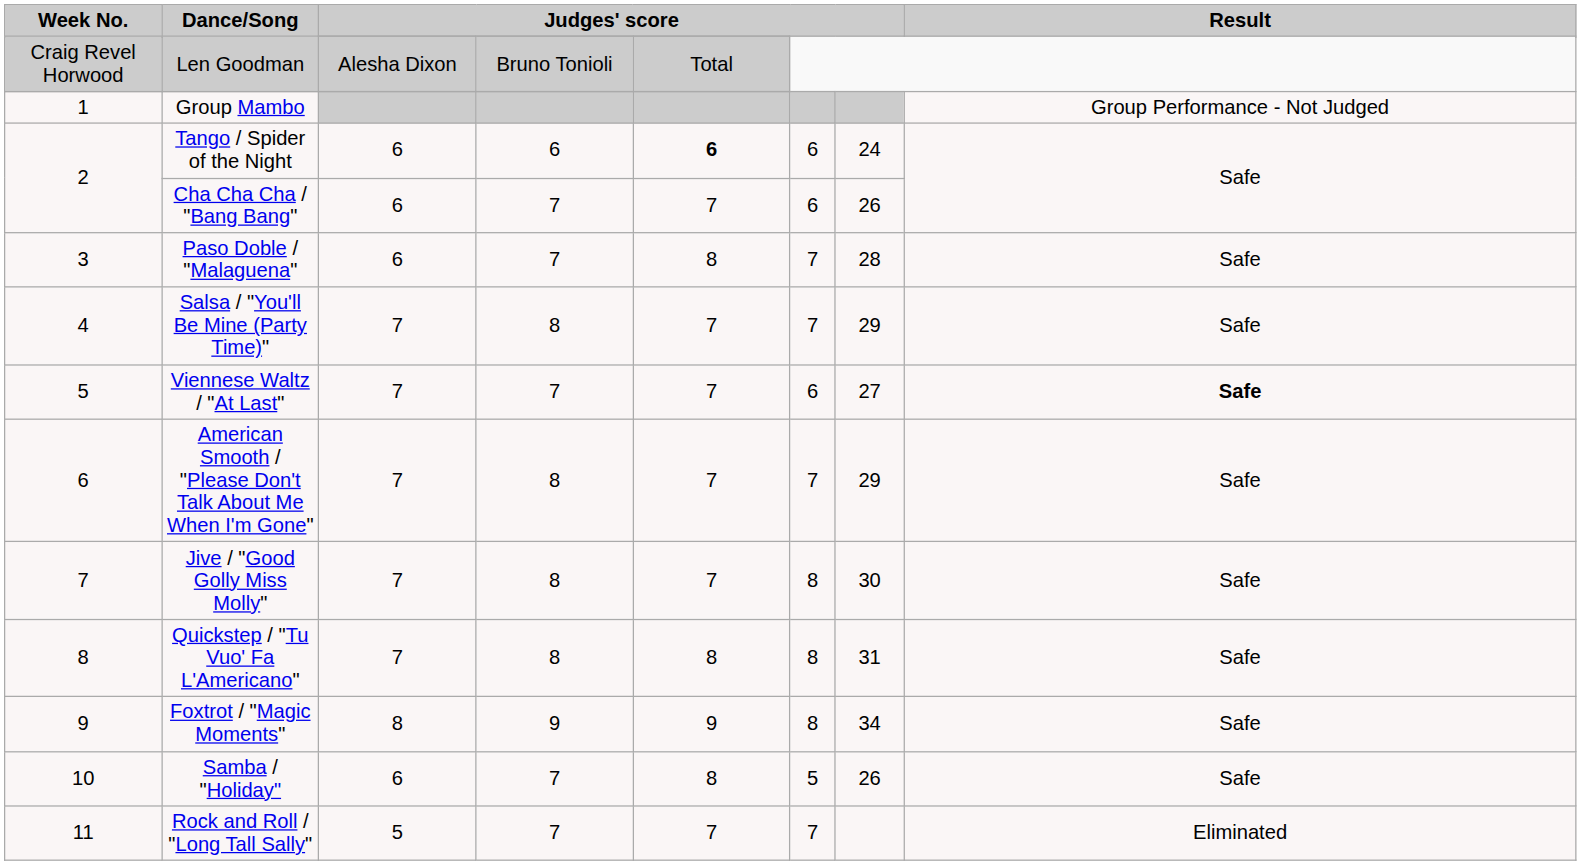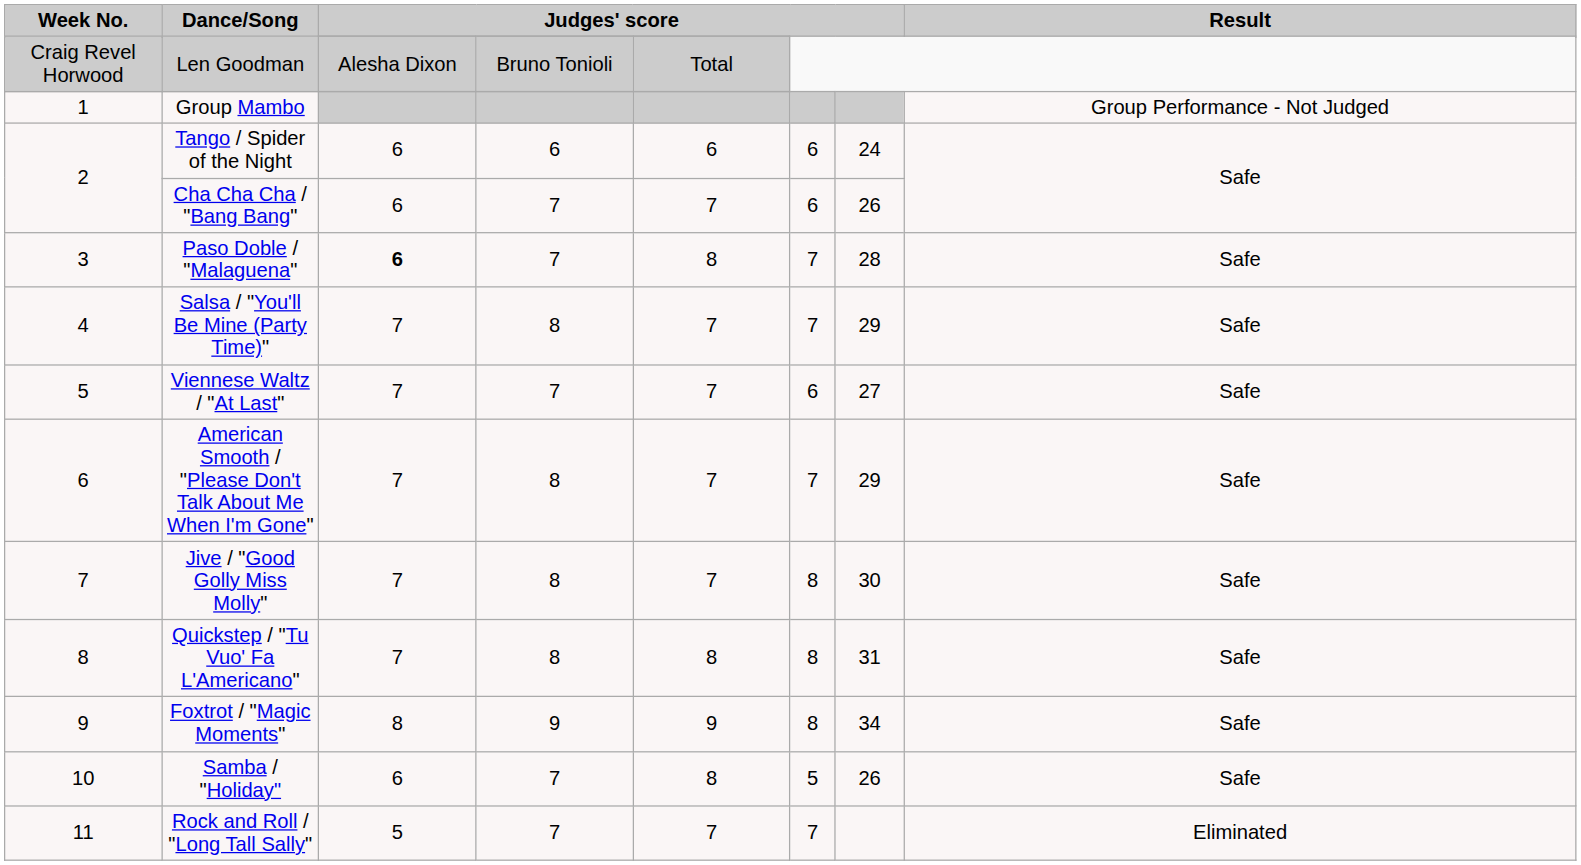 <table class="wikitable">
 <tr>
 <td rowspan="2" bgcolor="CCCCCC" align="Center"><strong>Week No.</strong></td>
 <td rowspan="2" bgcolor="CCCCCC" align="Center"><strong>Dance/Song</strong></td>
 <td colspan="5" bgcolor="CCCCCC" align="Center"><strong>Judges' score</strong></td>
 <td rowspan="2" bgcolor="CCCCCC" align="Center"><strong>Result</strong></td>
 </tr>
 <tr>
 </tr>
 <tr>
 <td bgcolor="CCCCCC" width="10%" align="center">Craig Revel Horwood</td>
 <td bgcolor="CCCCCC" width="10%" align="center">Len Goodman</td>
 <td bgcolor="CCCCCC" width="10%" align="center">Alesha Dixon</td>
 <td bgcolor="CCCCCC" width="10%" align="center">Bruno Tonioli</td>
 <td bgcolor="CCCCCC" width="10%" align="center">Total</td>
 </tr>
 <tr>
 </tr>
 <tr>
 <td align="center" bgcolor="FAF6F6">1</td>
 <td align="center" bgcolor="FAF6F6">Group <a href='#'>Mambo</a></td>
 <td align="center" bgcolor="CCCCCC"></td>
 <td align="center" bgcolor="CCCCCC"></td>
 <td align="center" bgcolor="CCCCCC"></td>
 <td align="center" bgcolor="CCCCCC"></td>
 <td align="center" bgcolor="CCCCCC"></td>
 <td align="center" bgcolor="FAF6F6">Group Performance - Not Judged</td>
 </tr>
 <tr>
 <td align="center" bgcolor="FAF6F6" rowspan="2">2</td>
 <td align="center" bgcolor="FAF6F6"><a href='#'>Tango</a> / Spider of the Night</td>
 <td align="center" bgcolor="FAF6F6">6</td>
 <td align="center" bgcolor="FAF6F6">6</td>
-<td align="center" bgcolor="FAF6F6"><strong>6</strong></td>
+<td align="center" bgcolor="FAF6F6">6</td>
 <td align="center" bgcolor="FAF6F6">6</td>
 <td align="center" bgcolor="FAF6F6">24</td>
 <td align="center" bgcolor="FAF6F6" rowspan="2">Safe</td>
 </tr>
 <tr>
 <td align="center" bgcolor="FAF6F6"><a href='#'>Cha Cha Cha</a> / "<a href='#'>Bang Bang</a>"</td>
 <td align="center" bgcolor="FAF6F6">6</td>
 <td align="center" bgcolor="FAF6F6">7</td>
 <td align="center" bgcolor="FAF6F6">7</td>
 <td align="center" bgcolor="FAF6F6">6</td>
 <td align="center" bgcolor="FAF6F6">26</td>
 </tr>
 <tr>
 <td align="center" bgcolor="FAF6F6">3</td>
 <td align="center" bgcolor="FAF6F6"><a href='#'>Paso Doble</a> / "<a href='#'>Malaguena</a>"</td>
-<td align="center" bgcolor="FAF6F6">6</td>
+<td align="center" bgcolor="FAF6F6"><strong>6</strong></td>
 <td align="center" bgcolor="FAF6F6">7</td>
 <td align="center" bgcolor="FAF6F6">8</td>
 <td align="center" bgcolor="FAF6F6">7</td>
 <td align="center" bgcolor="FAF6F6">28</td>
 <td align="center" bgcolor="FAF6F6">Safe</td>
 </tr>
 <tr>
 <td align="center" bgcolor="FAF6F6">4</td>
 <td align="center" bgcolor="FAF6F6"><a href='#'>Salsa</a> / "<a href='#'>You'll Be Mine (Party Time)</a>"</td>
 <td align="center" bgcolor="FAF6F6">7</td>
 <td align="center" bgcolor="FAF6F6">8</td>
 <td align="center" bgcolor="FAF6F6">7</td>
 <td align="center" bgcolor="FAF6F6">7</td>
 <td align="center" bgcolor="FAF6F6">29</td>
 <td align="center" bgcolor="FAF6F6">Safe</td>
 </tr>
 <tr>
 <td align="center" bgcolor="FAF6F6">5</td>
 <td align="center" bgcolor="FAF6F6"><a href='#'>Viennese Waltz</a> / "<a href='#'>At Last</a>"</td>
 <td align="center" bgcolor="FAF6F6">7</td>
 <td align="center" bgcolor="FAF6F6">7</td>
 <td align="center" bgcolor="FAF6F6">7</td>
 <td align="center" bgcolor="FAF6F6">6</td>
 <td align="center" bgcolor="FAF6F6">27</td>
-<td align="center" bgcolor="FAF6F6"><strong>Safe</strong></td>
+<td align="center" bgcolor="FAF6F6">Safe</td>
 </tr>
 <tr>
 <td align="center" bgcolor="FAF6F6">6</td>
 <td align="center" bgcolor="FAF6F6"><a href='#'>American Smooth</a> / "<a href='#'>Please Don't Talk About Me When I'm Gone</a>"</td>
 <td align="center" bgcolor="FAF6F6">7</td>
 <td align="center" bgcolor="FAF6F6">8</td>
 <td align="center" bgcolor="FAF6F6">7</td>
 <td align="center" bgcolor="FAF6F6">7</td>
 <td align="center" bgcolor="FAF6F6">29</td>
 <td align="center" bgcolor="FAF6F6">Safe</td>
 </tr>
 <tr>
 <td align="center" bgcolor="FAF6F6">7</td>
 <td align="center" bgcolor="FAF6F6"><a href='#'>Jive</a> / "<a href='#'>Good Golly Miss Molly</a>"</td>
 <td align="center" bgcolor="FAF6F6">7</td>
 <td align="center" bgcolor="FAF6F6">8</td>
 <td align="center" bgcolor="FAF6F6">7</td>
 <td align="center" bgcolor="FAF6F6">8</td>
 <td align="center" bgcolor="FAF6F6">30</td>
 <td align="center" bgcolor="FAF6F6">Safe</td>
 </tr>
 <tr>
 <td align="center" bgcolor="FAF6F6">8</td>
 <td align="center" bgcolor="FAF6F6"><a href='#'>Quickstep</a> / "<a href='#'>Tu Vuo' Fa L'Americano</a>"</td>
 <td align="center" bgcolor="FAF6F6">7</td>
 <td align="center" bgcolor="FAF6F6">8</td>
 <td align="center" bgcolor="FAF6F6">8</td>
 <td align="center" bgcolor="FAF6F6">8</td>
 <td align="center" bgcolor="FAF6F6">31</td>
 <td align="center" bgcolor="FAF6F6">Safe</td>
 </tr>
 <tr>
 <td align="center" bgcolor="FAF6F6">9</td>
 <td align="center" bgcolor="FAF6F6"><a href='#'>Foxtrot</a> / "<a href='#'>Magic Moments</a>"</td>
 <td align="center" bgcolor="FAF6F6">8</td>
 <td align="center" bgcolor="FAF6F6">9</td>
 <td align="center" bgcolor="FAF6F6">9</td>
 <td align="center" bgcolor="FAF6F6">8</td>
 <td align="center" bgcolor="FAF6F6">34</td>
 <td align="center" bgcolor="FAF6F6">Safe</td>
 </tr>
 <tr>
 <td align="center" bgcolor="FAF6F6">10</td>
 <td align="center" bgcolor="FAF6F6"><a href='#'>Samba</a> / "<a href='#'>Holiday"</a></td>
 <td align="center" bgcolor="FAF6F6">6</td>
 <td align="center" bgcolor="FAF6F6">7</td>
 <td align="center" bgcolor="FAF6F6">8</td>
 <td align="center" bgcolor="FAF6F6">5</td>
 <td align="center" bgcolor="FAF6F6">26</td>
 <td align="center" bgcolor="FAF6F6">Safe</td>
 </tr>
 <tr>
 <td align="center" bgcolor="FAF6F6">11</td>
 <td align="center" bgcolor="FAF6F6"><a href='#'>Rock and Roll</a> / "<a href='#'>Long Tall Sally</a>"</td>
 <td align="center" bgcolor="FAF6F6">5</td>
 <td align="center" bgcolor="FAF6F6">7</td>
 <td align="center" bgcolor="FAF6F6">7</td>
 <td align="center" bgcolor="FAF6F6">7</td>
 <td align="center" bgcolor="FAF6F6"></td>
 <td align="center" bgcolor="FAF6F6">Eliminated</td>
 </tr>
 </table>
